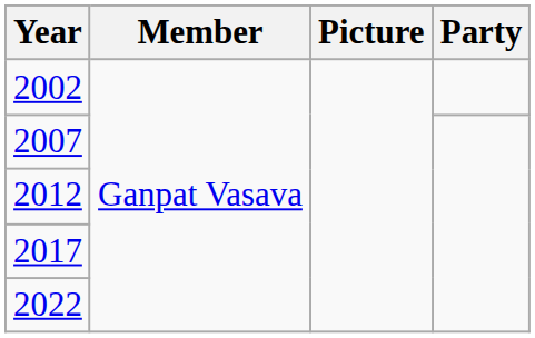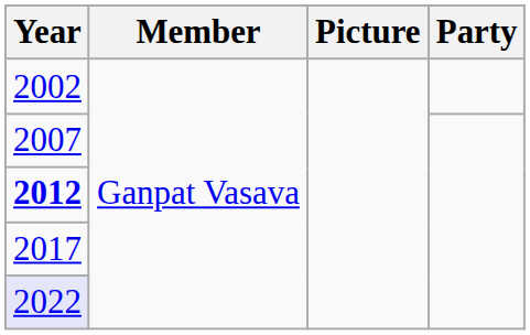 <table class="wikitable sortable">
 <tr>
 <th>Year</th>
 <th>Member</th>
 <th>Picture</th>
 <th colspan="2">Party</th>
 </tr>
 <tr>
 <td><a href='#'>2002</a></td>
 <td rowspan=5><a href='#'>Ganpat Vasava</a></td>
 <td rowspan=5></td>
 <td></td>
 </tr>
 <tr>
 <td><a href='#'>2007</a></td>
 </tr>
 <tr>
-<td><a href='#'>2012</a></td>
+<td><strong><a href='#'>2012</a></strong></td>
 </tr>
 <tr>
 <td><a href='#'>2017</a></td>
 </tr>
 <tr>
-<td><a href='#'>2022</a></td>
+<td style="background: lavender;"><a href='#'>2022</a></td>
 </tr>
 </table>
